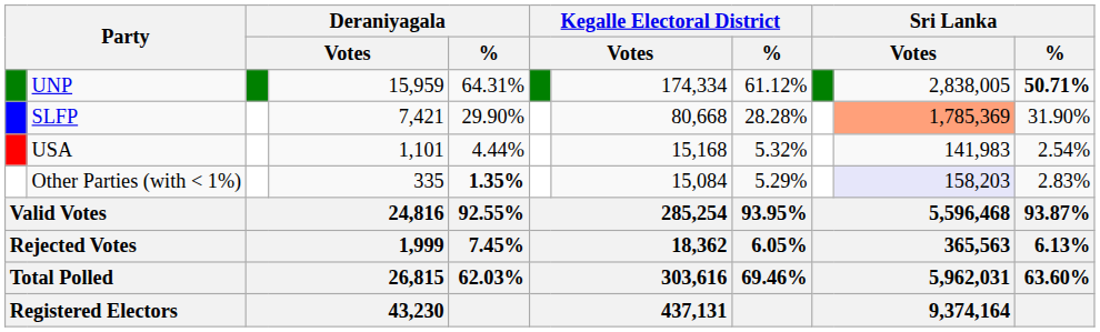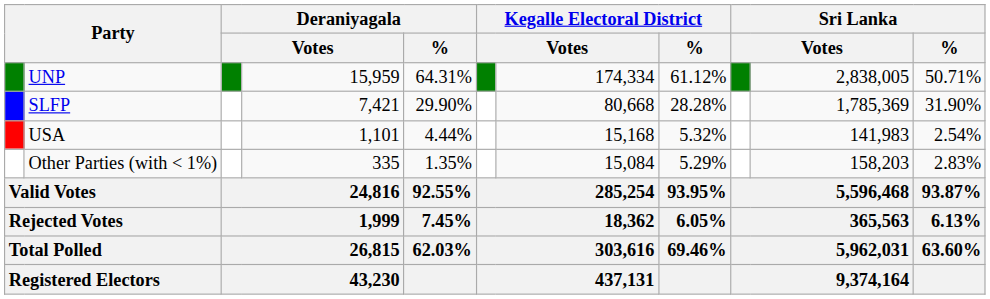 <table class="wikitable">
 <tr>
 <th colspan="2" width="144px"rowspan="2">Party</th>
 <th colspan="3" width="216px">Deraniyagala</th>
 <th colspan="3" width="216px"><a href='#'>Kegalle Electoral District</a></th>
 <th colspan="3" width="216px">Sri Lanka</th>
 </tr>
 <tr>
 <th colspan="2" width="144px">Votes</th>
 <th>%</th>
 <th colspan="2" width="144px">Votes</th>
 <th>%</th>
 <th colspan="2" width="144px">Votes</th>
 <th>%</th>
 </tr>
 <tr>
 <td style="background-color:green;" width="10px"></td>
 <td style="text-align:left;"><a href='#'>UNP</a></td>
 <td style="background-color:green;" width="10px"></td>
 <td style="text-align:right;">15,959</td>
 <td style="text-align:right;">64.31%</td>
 <td style="background-color:green;" width="10px"></td>
 <td style="text-align:right;">174,334</td>
 <td style="text-align:right;">61.12%</td>
 <td style="background-color:green;" width="10px"></td>
 <td style="text-align:right;">2,838,005</td>
-<td style="text-align:right;"><strong>50.71%</strong></td>
+<td style="text-align:right;">50.71%</td>
 </tr>
 <tr>
 <td style="background-color:blue;" width="10px"></td>
 <td style="text-align:left;"><a href='#'>SLFP</a></td>
 <td style="background-color:white;" width="10px"></td>
 <td style="text-align:right;">7,421</td>
 <td style="text-align:right;">29.90%</td>
 <td style="background-color:white;" width="10px"></td>
 <td style="text-align:right;">80,668</td>
 <td style="text-align:right;">28.28%</td>
 <td style="background-color:white;" width="10px"></td>
-<td style="background: lightsalmon; text-align:right;">1,785,369</td>
+<td style="text-align:right;">1,785,369</td>
 <td style="text-align:right;">31.90%</td>
 </tr>
 <tr>
 <td style="background-color:red;" width="10px"></td>
 <td style="text-align:left;">USA</td>
 <td style="background-color:white;" width="10px"></td>
 <td style="text-align:right;">1,101</td>
 <td style="text-align:right;">4.44%</td>
 <td style="background-color:white;" width="10px"></td>
 <td style="text-align:right;">15,168</td>
 <td style="text-align:right;">5.32%</td>
 <td style="background-color:white;" width="10px"></td>
 <td style="text-align:right;">141,983</td>
 <td style="text-align:right;">2.54%</td>
 </tr>
 <tr>
 <td style="background-color:white;" width="10px"></td>
 <td style="text-align:left;">Other Parties (with < 1%)</td>
 <td style="background-color:white;" width="10px"></td>
 <td style="text-align:right;">335</td>
-<td style="text-align:right;"><strong>1.35%</strong></td>
+<td style="text-align:right;">1.35%</td>
 <td style="background-color:white;" width="10px"></td>
 <td style="text-align:right;">15,084</td>
 <td style="text-align:right;">5.29%</td>
 <td style="background-color:white;" width="10px"></td>
-<td style="background: lavender; text-align:right;">158,203</td>
+<td style="text-align:right;">158,203</td>
 <td style="text-align:right;">2.83%</td>
 </tr>
 <tr>
 <th colspan="2" width="144px"style="text-align:left;">Valid Votes</th>
 <th style="text-align:right;"colspan="2" width="144px">24,816</th>
 <th style="text-align:right;">92.55%</th>
 <th style="text-align:right;"colspan="2" width="144px">285,254</th>
 <th style="text-align:right;">93.95%</th>
 <th style="text-align:right;"colspan="2" width="144px">5,596,468</th>
 <th style="text-align:right;">93.87%</th>
 </tr>
 <tr>
 <th colspan="2" width="144px"style="text-align:left;">Rejected Votes</th>
 <th style="text-align:right;"colspan="2" width="144px">1,999</th>
 <th style="text-align:right;">7.45%</th>
 <th style="text-align:right;"colspan="2" width="144px">18,362</th>
 <th style="text-align:right;">6.05%</th>
 <th style="text-align:right;"colspan="2" width="144px">365,563</th>
 <th style="text-align:right;">6.13%</th>
 </tr>
 <tr>
 <th colspan="2" width="144px"style="text-align:left;">Total Polled</th>
 <th style="text-align:right;"colspan="2" width="144px">26,815</th>
 <th style="text-align:right;">62.03%</th>
 <th style="text-align:right;"colspan="2" width="144px">303,616</th>
 <th style="text-align:right;">69.46%</th>
 <th style="text-align:right;"colspan="2" width="144px">5,962,031</th>
 <th style="text-align:right;">63.60%</th>
 </tr>
 <tr>
 <th colspan="2" width="144px"style="text-align:left;">Registered Electors</th>
 <th style="text-align:right;"colspan="2" width="144px">43,230</th>
 <th></th>
 <th style="text-align:right;"colspan="2" width="144px">437,131</th>
 <th></th>
 <th style="text-align:right;"colspan="2" width="144px">9,374,164</th>
 <th></th>
 </tr>
 </table>
